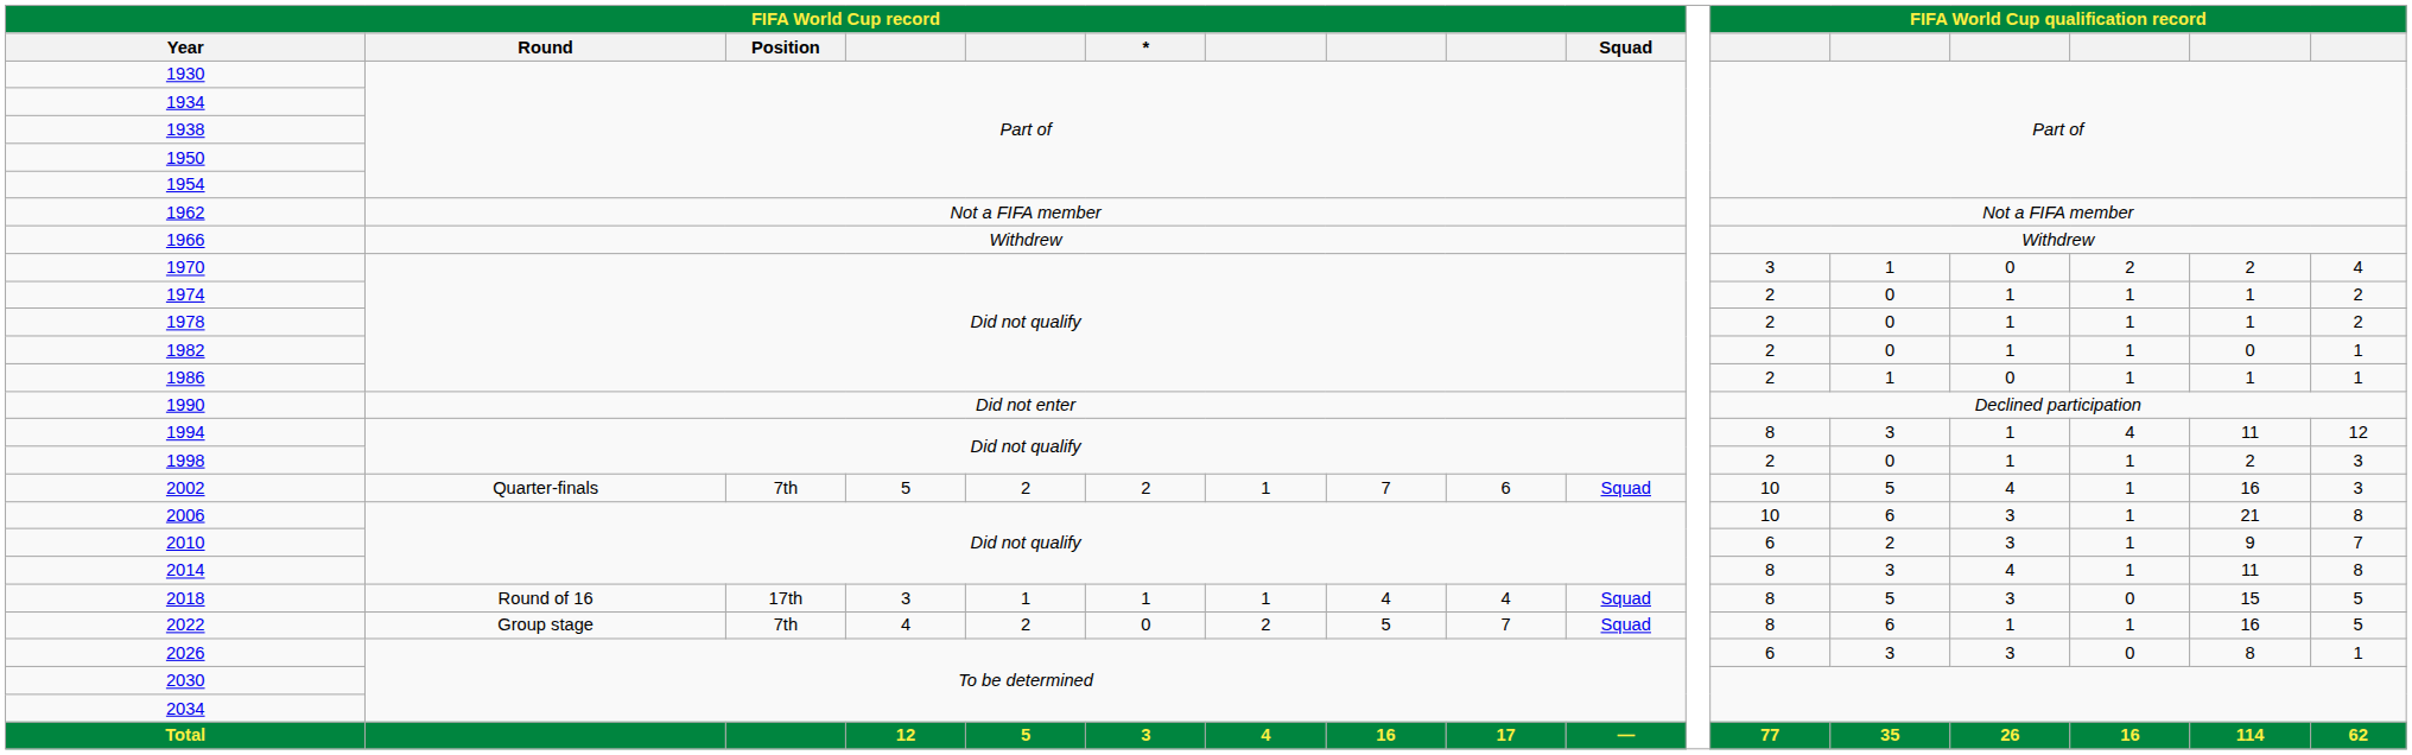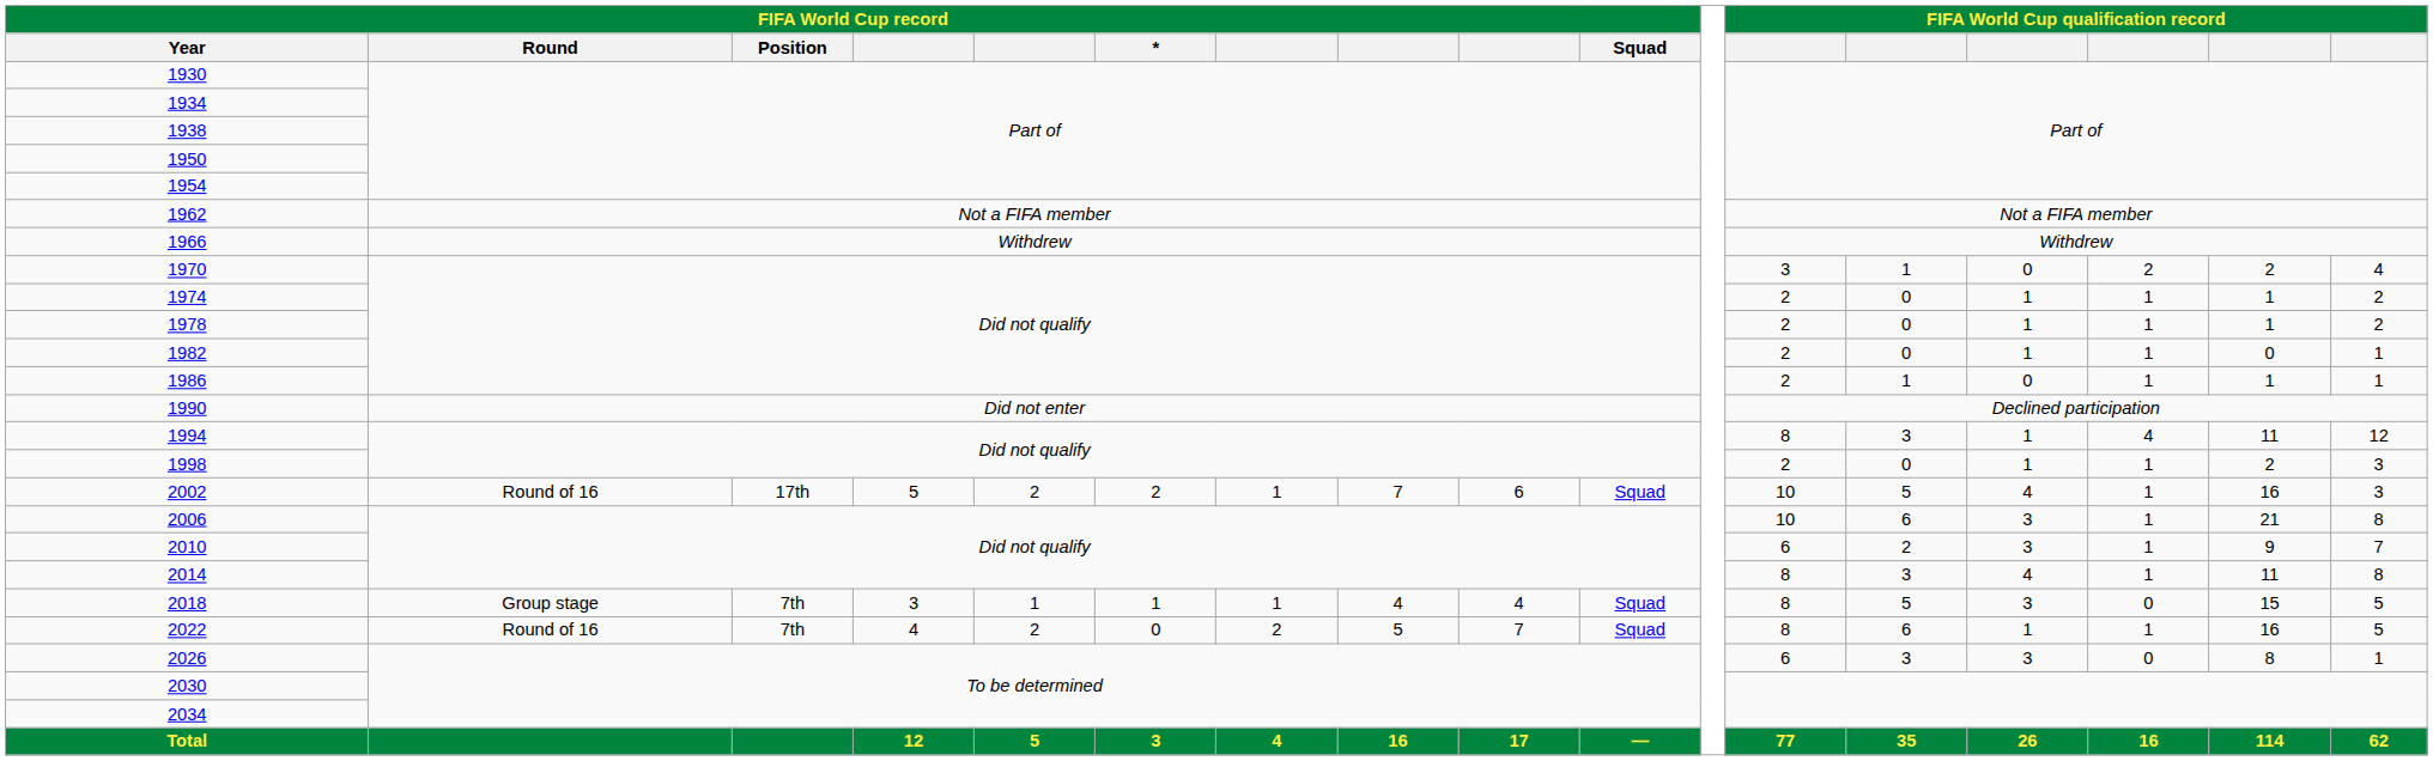 <table class="wikitable" class="wikitable" style="font-size:90%; text-align:center; width:100%">
 <tr>
 <th colspan="10" style="background:#00853F; color:#FDEF42; ">FIFA World Cup record</th>
 <th rowspan="32" style="width:1%;background:white"></th>
 <th colspan="6" style="background:#00853F; color:#FDEF42; ">FIFA World Cup qualification record</th>
 </tr>
 <tr>
 <th width="15%">Year</th>
 <th width="15%">Round</th>
 <th width="5%">Position</th>
 <th width="5%"></th>
 <th width="5%"></th>
 <th width="5%">*</th>
 <th width="5%"></th>
 <th width="5%"></th>
 <th width="5%"></th>
 <th width="5%">Squad</th>
 <th width="5%"></th>
 <th width="5%"></th>
 <th width="5%"></th>
 <th width="5%"></th>
 <th width="5%"></th>
 <th width="5%"></th>
 </tr>
 <tr>
 <td> <a href='#'>1930</a></td>
 <td colspan="9" rowspan="5"><em>Part of </em></td>
 <td colspan="6" rowspan="5"><em>Part of </em></td>
 </tr>
 <tr>
 <td> <a href='#'>1934</a></td>
 </tr>
 <tr>
 <td> <a href='#'>1938</a></td>
 </tr>
 <tr>
 <td> <a href='#'>1950</a></td>
 </tr>
 <tr>
 <td> <a href='#'>1954</a></td>
 </tr>
 <tr>
 <td> <a href='#'>1962</a></td>
 <td colspan="9"><em>Not a FIFA member</em></td>
 <td colspan="6"><em>Not a FIFA member</em></td>
 </tr>
 <tr>
 <td> <a href='#'>1966</a></td>
 <td colspan="9"><em>Withdrew</em></td>
 <td colspan="6"><em>Withdrew</em></td>
 </tr>
 <tr>
 <td> <a href='#'>1970</a></td>
 <td colspan="9" rowspan="5"><em>Did not qualify</em></td>
 <td>3</td>
 <td>1</td>
 <td>0</td>
 <td>2</td>
 <td>2</td>
 <td>4</td>
 </tr>
 <tr>
 <td> <a href='#'>1974</a></td>
 <td>2</td>
 <td>0</td>
 <td>1</td>
 <td>1</td>
 <td>1</td>
 <td>2</td>
 </tr>
 <tr>
 <td> <a href='#'>1978</a></td>
 <td>2</td>
 <td>0</td>
 <td>1</td>
 <td>1</td>
 <td>1</td>
 <td>2</td>
 </tr>
 <tr>
 <td> <a href='#'>1982</a></td>
 <td>2</td>
 <td>0</td>
 <td>1</td>
 <td>1</td>
 <td>0</td>
 <td>1</td>
 </tr>
 <tr>
 <td> <a href='#'>1986</a></td>
 <td>2</td>
 <td>1</td>
 <td>0</td>
 <td>1</td>
 <td>1</td>
 <td>1</td>
 </tr>
 <tr>
 <td> <a href='#'>1990</a></td>
 <td colspan="9"><em>Did not enter</em></td>
 <td colspan="6"><em>Declined participation</em></td>
 </tr>
 <tr>
 <td> <a href='#'>1994</a></td>
 <td colspan="9" rowspan="2"><em>Did not qualify</em></td>
 <td>8</td>
 <td>3</td>
 <td>1</td>
 <td>4</td>
 <td>11</td>
 <td>12</td>
 </tr>
 <tr>
 <td> <a href='#'>1998</a></td>
 <td>2</td>
 <td>0</td>
 <td>1</td>
 <td>1</td>
 <td>2</td>
 <td>3</td>
 </tr>
 <tr>
 <td>  <a href='#'>2002</a></td>
-<td>Quarter-finals</td>
-<td>7th</td>
+<td>Round of 16</td>
+<td>17th</td>
 <td>5</td>
 <td>2</td>
 <td>2</td>
 <td>1</td>
 <td>7</td>
 <td>6</td>
 <td><a href='#'>Squad</a></td>
 <td>10</td>
 <td>5</td>
 <td>4</td>
 <td>1</td>
 <td>16</td>
 <td>3</td>
 </tr>
 <tr>
 <td> <a href='#'>2006</a></td>
 <td colspan="9" rowspan="3"><em>Did not qualify</em></td>
 <td>10</td>
 <td>6</td>
 <td>3</td>
 <td>1</td>
 <td>21</td>
 <td>8</td>
 </tr>
 <tr>
 <td> <a href='#'>2010</a></td>
 <td>6</td>
 <td>2</td>
 <td>3</td>
 <td>1</td>
 <td>9</td>
 <td>7</td>
 </tr>
 <tr>
 <td> <a href='#'>2014</a></td>
 <td>8</td>
 <td>3</td>
 <td>4</td>
 <td>1</td>
 <td>11</td>
 <td>8</td>
 </tr>
 <tr>
 <td> <a href='#'>2018</a></td>
-<td>Round of 16</td>
-<td>17th</td>
+<td>Group stage</td>
+<td>7th</td>
 <td>3</td>
 <td>1</td>
 <td>1</td>
 <td>1</td>
 <td>4</td>
 <td>4</td>
 <td><a href='#'>Squad</a></td>
 <td>8</td>
 <td>5</td>
 <td>3</td>
 <td>0</td>
 <td>15</td>
 <td>5</td>
 </tr>
 <tr>
 <td> <a href='#'>2022</a></td>
-<td>Group stage</td>
+<td>Round of 16</td>
 <td>7th</td>
 <td>4</td>
 <td>2</td>
 <td>0</td>
 <td>2</td>
 <td>5</td>
 <td>7</td>
 <td><a href='#'>Squad</a></td>
 <td>8</td>
 <td>6</td>
 <td>1</td>
 <td>1</td>
 <td>16</td>
 <td>5</td>
 </tr>
 <tr>
 <td>   <a href='#'>2026</a></td>
 <td colspan="9" rowspan="3"><em>To be determined</em></td>
 <td>6</td>
 <td>3</td>
 <td>3</td>
 <td>0</td>
 <td>8</td>
 <td>1</td>
 </tr>
 <tr>
 <td>   <a href='#'>2030</a></td>
 <td colspan="6" rowspan="2"></td>
 </tr>
 <tr>
 <td> <a href='#'>2034</a></td>
 </tr>
 <tr>
 <th style="background:#00853F; color:#FDEF42; ">Total</th>
 <th style="background:#00853F; color:#FDEF42; "></th>
 <th style="background:#00853F; color:#FDEF42; "></th>
 <th style="background:#00853F; color:#FDEF42; ">12</th>
 <th style="background:#00853F; color:#FDEF42; ">5</th>
 <th style="background:#00853F; color:#FDEF42; ">3</th>
 <th style="background:#00853F; color:#FDEF42; ">4</th>
 <th style="background:#00853F; color:#FDEF42; ">16</th>
 <th style="background:#00853F; color:#FDEF42; ">17</th>
 <th style="background:#00853F; color:#FDEF42; ">—</th>
 <th style="background:#00853F; color:#FDEF42; ">77</th>
 <th style="background:#00853F; color:#FDEF42; ">35</th>
 <th style="background:#00853F; color:#FDEF42; ">26</th>
 <th style="background:#00853F; color:#FDEF42; ">16</th>
 <th style="background:#00853F; color:#FDEF42; ">114</th>
 <th style="background:#00853F; color:#FDEF42; ">62</th>
 </tr>
 </table>
